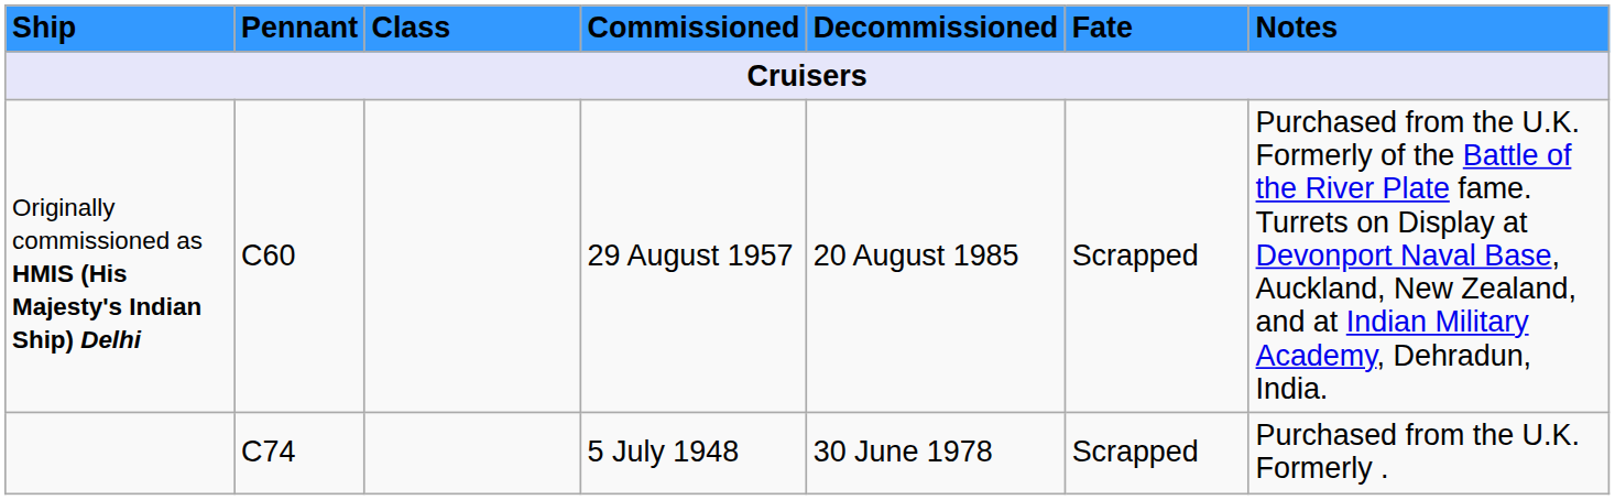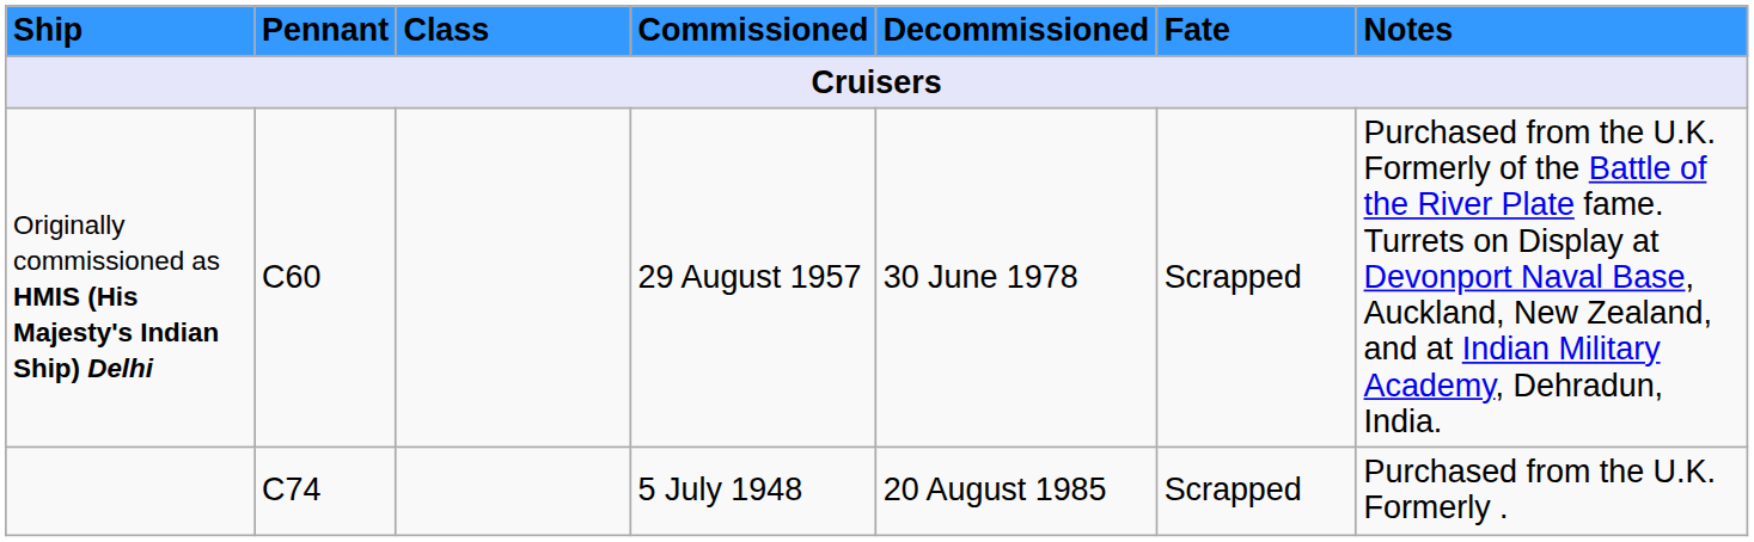 <table class="wikitable">
 <tr>
 <th style="text-align:left; width:15%;background-color:#3399FF;">Ship</th>
 <th style="text-align:left; width:5%;background-color:#3399FF;">Pennant</th>
 <th style="text-align:left; width:15%;background-color:#3399FF;">Class</th>
 <th style="text-align:left; width:10%;background-color:#3399FF;">Commissioned</th>
 <th style="text-align:left; width:10%;background-color:#3399FF;">Decommissioned</th>
 <th style="text-align:left; width:12%;background-color:#3399FF;">Fate</th>
 <th style="text-align:left; width:25%;background-color:#3399FF;">Notes</th>
 </tr>
 <tr>
 <th colspan="7" style="background: lavender;">Cruisers</th>
 </tr>
 <tr>
 <td><br><small>Originally commissioned as <strong>HMIS (His Majesty's Indian Ship) <em>Delhi<strong><em></small></td>
 <td>C60</td>
 <td></td>
 <td>29 August 1957</td>
-<td>20 August 1985</td>
+<td>30 June 1978</td>
 <td>Scrapped</td>
 <td>Purchased from the U.K. Formerly  of the <a href='#'>Battle of the River Plate</a> fame. Turrets on Display at <a href='#'>Devonport Naval Base</a>, Auckland, New Zealand, and at <a href='#'>Indian Military Academy</a>, Dehradun, India.</td>
 </tr>
 <tr>
 <td></td>
 <td>C74</td>
 <td></td>
 <td>5 July 1948</td>
-<td>30 June 1978</td>
+<td>20 August 1985</td>
 <td>Scrapped</td>
 <td>Purchased from the U.K. Formerly .</td>
 </tr>
 </table>
